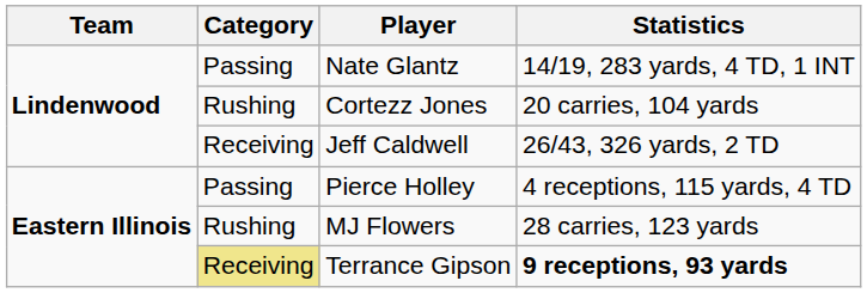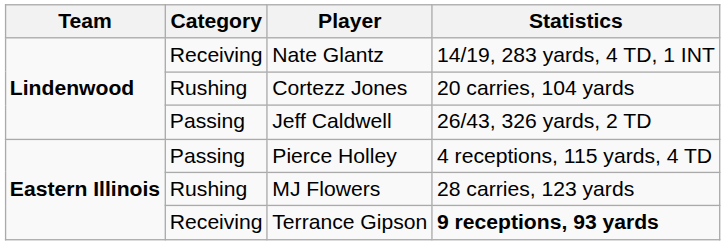 <table class="wikitable" style="float: right;">
 <tr>
 <th>Team</th>
 <th>Category</th>
 <th>Player</th>
 <th>Statistics</th>
 </tr>
 <tr>
 <td rowspan=3><strong>Lindenwood</strong></td>
-<td>Passing</td>
+<td>Receiving</td>
 <td>Nate Glantz</td>
 <td>14/19, 283 yards, 4 TD, 1 INT</td>
 </tr>
 <tr>
 <td>Rushing</td>
 <td>Cortezz Jones</td>
 <td>20 carries, 104 yards</td>
 </tr>
 <tr>
-<td>Receiving</td>
+<td>Passing</td>
 <td>Jeff Caldwell</td>
 <td>26/43, 326 yards, 2 TD</td>
 </tr>
 <tr>
 <td rowspan=3><strong>Eastern Illinois</strong></td>
 <td>Passing</td>
 <td>Pierce Holley</td>
 <td>4 receptions, 115 yards, 4 TD</td>
 </tr>
 <tr>
 <td>Rushing</td>
 <td>MJ Flowers</td>
 <td>28 carries, 123 yards</td>
 </tr>
 <tr>
-<td style="background: khaki;">Receiving</td>
+<td>Receiving</td>
 <td>Terrance Gipson</td>
 <td><strong>9 receptions, 93 yards</strong></td>
 </tr>
 </table>
